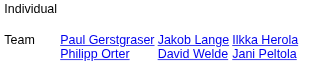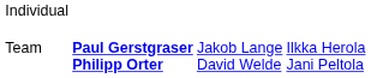 <table>
 <tr>
 <td>Individual</td>
 <td></td>
 <td></td>
 <td></td>
 </tr>
 <tr>
 <td>Team</td>
-<td><br><a href='#'>Paul Gerstgraser</a><br><a href='#'>Philipp Orter</a></td>
+<td><strong><br><a href='#'>Paul Gerstgraser</a><br><a href='#'>Philipp Orter</a></strong></td>
 <td><br><a href='#'>Jakob Lange</a><br><a href='#'>David Welde</a></td>
 <td><br><a href='#'>Ilkka Herola</a><br><a href='#'>Jani Peltola</a></td>
 </tr>
 </table>
